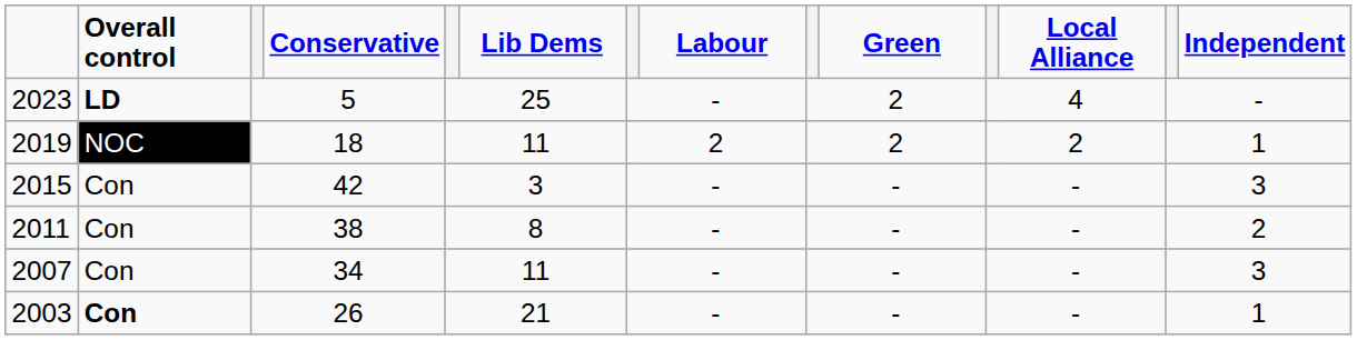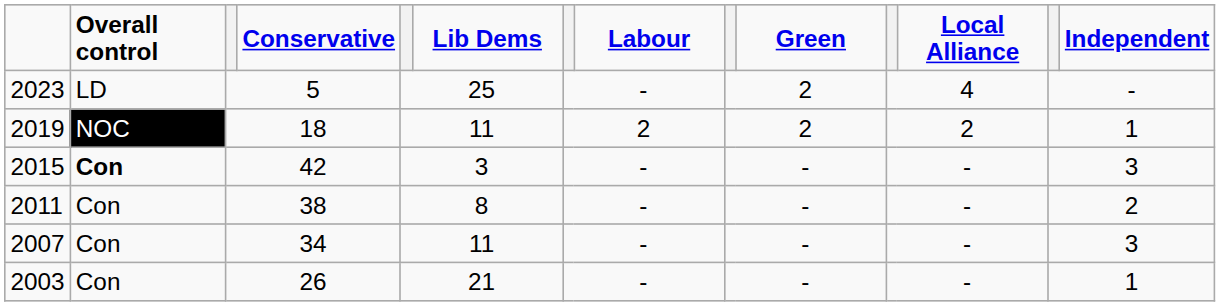 <table class="wikitable" style="text-align:left; padding-left:1em; font-size: 95%">
 <tr>
 <td width=32></td>
 <td width=90><strong>Overall control</strong></td>
 <th style="background-color: "></th>
 <td width=87 align="center"><strong><a href='#'>Conservative</a></strong></td>
 <th style="background-color: "></th>
 <td width=87 align="center"><strong><a href='#'>Lib Dems</a></strong></td>
 <th style="background-color: "></th>
 <td width=87 align="center"><strong><a href='#'>Labour</a></strong></td>
 <th style="background-color: "></th>
 <td width=87 align="center"><strong><a href='#'>Green</a></strong></td>
 <th style="background-color: "></th>
 <td width=87 align="center"><strong><a href='#'>Local Alliance</a></strong></td>
 <th style="background-color: "></th>
 <td width=87 align="center"><strong><a href='#'>Independent</a></strong></td>
 </tr>
 <tr>
 <td>2023</td>
-<td style="background:"><strong>LD</strong></td>
+<td style="background:">LD</td>
 <td colspan=2 align="center">5</td>
 <td colspan=2 align="center">25</td>
 <td colspan=2 align="center">-</td>
 <td colspan=2 align="center">2</td>
 <td colspan=2 align="center">4</td>
 <td colspan=2 align="center">-</td>
 </tr>
 <tr>
 <td>2019</td>
 <td style="background:black; color:white">NOC</td>
 <td colspan=2 align="center">18</td>
 <td colspan=2 align="center">11</td>
 <td colspan=2 align="center">2</td>
 <td colspan=2 align="center">2</td>
 <td colspan=2 align="center">2</td>
 <td colspan=2 align="center">1</td>
 </tr>
 <tr>
 <td>2015</td>
-<td style="background:">Con</td>
+<td style="background:"><strong>Con</strong></td>
 <td colspan=2 align="center">42</td>
 <td colspan=2 align="center">3</td>
 <td colspan=2 align="center">-</td>
 <td colspan=2 align="center">-</td>
 <td colspan=2 align="center">-</td>
 <td colspan=2 align="center">3</td>
 </tr>
 <tr>
 <td>2011</td>
 <td style="background:">Con</td>
 <td colspan=2 align="center">38</td>
 <td colspan=2 align="center">8</td>
 <td colspan=2 align="center">-</td>
 <td colspan=2 align="center">-</td>
 <td colspan=2 align="center">-</td>
 <td colspan=2 align="center">2</td>
 </tr>
 <tr>
 <td>2007</td>
 <td style="background:">Con</td>
 <td colspan=2 align="center">34</td>
 <td colspan=2 align="center">11</td>
 <td colspan=2 align="center">-</td>
 <td colspan=2 align="center">-</td>
 <td colspan=2 align="center">-</td>
 <td colspan=2 align="center">3</td>
 </tr>
 <tr>
 <td>2003</td>
-<td style="background:"><strong>Con</strong></td>
+<td style="background:">Con</td>
 <td colspan=2 align="center">26</td>
 <td colspan=2 align="center">21</td>
 <td colspan=2 align="center">-</td>
 <td colspan=2 align="center">-</td>
 <td colspan=2 align="center">-</td>
 <td colspan=2 align="center">1</td>
 </tr>
 </table>
